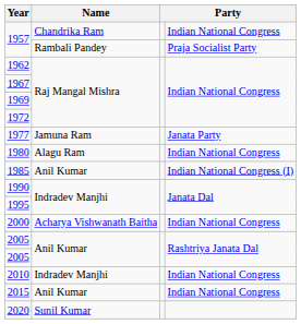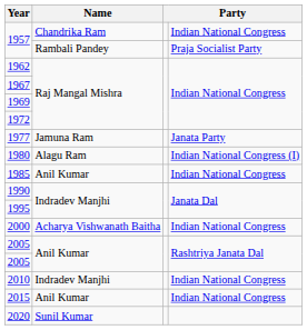 <table class="wikitable">
 <tr>
 <th>Year</th>
 <th>Name</th>
 <th colspan="2">Party</th>
 </tr>
 <tr>
 <td rowspan="2"><a href='#'>1957</a></td>
 <td><a href='#'>Chandrika Ram</a></td>
 <td style="background-color: "></td>
 <td><a href='#'>Indian National Congress</a></td>
 </tr>
 <tr>
 <td>Rambali Pandey</td>
 <td style="background-color: "></td>
 <td><a href='#'>Praja Socialist Party</a></td>
 </tr>
 <tr>
 <td><a href='#'>1962</a></td>
 <td rowspan="4">Raj Mangal Mishra</td>
 <td rowspan="4" style="background-color: "></td>
 <td rowspan="4"><a href='#'>Indian National Congress</a></td>
 </tr>
 <tr>
 <td><a href='#'>1967</a></td>
 </tr>
 <tr>
 <td><a href='#'>1969</a></td>
 </tr>
 <tr>
 <td><a href='#'>1972</a></td>
 </tr>
 <tr>
 <td><a href='#'>1977</a></td>
 <td>Jamuna Ram</td>
 <td style="background-color: "></td>
 <td><a href='#'>Janata Party</a></td>
 </tr>
 <tr>
 <td><a href='#'>1980</a></td>
 <td>Alagu Ram</td>
 <td style="background-color: "></td>
-<td><a href='#'>Indian National Congress</a></td>
+<td><a href='#'>Indian National Congress (I)</a></td>
 </tr>
 <tr>
 <td><a href='#'>1985</a></td>
 <td>Anil Kumar</td>
 <td style="background-color: "></td>
-<td><a href='#'>Indian National Congress (I)</a></td>
+<td><a href='#'>Indian National Congress</a></td>
 </tr>
 <tr>
 <td><a href='#'>1990</a></td>
 <td rowspan="2">Indradev Manjhi</td>
 <td rowspan="2" style="background-color: "></td>
 <td rowspan="2"><a href='#'>Janata Dal</a></td>
 </tr>
 <tr>
 <td><a href='#'>1995</a></td>
 </tr>
 <tr>
 <td><a href='#'>2000</a></td>
 <td><a href='#'>Acharya Vishwanath Baitha</a></td>
 <td style="background-color: "></td>
 <td><a href='#'>Indian National Congress</a></td>
 </tr>
 <tr>
 <td><a href='#'>2005</a></td>
 <td rowspan="2">Anil Kumar</td>
 <td rowspan="2" style="background-color: "></td>
 <td rowspan="2"><a href='#'>Rashtriya Janata Dal</a></td>
 </tr>
 <tr>
 <td><a href='#'>2005</a></td>
 </tr>
 <tr>
 <td><a href='#'>2010</a></td>
 <td>Indradev Manjhi</td>
 <td style="background-color: "></td>
 <td><a href='#'>Indian National Congress</a></td>
 </tr>
 <tr>
 <td><a href='#'>2015</a></td>
 <td>Anil Kumar</td>
 <td style="background-color: "></td>
 <td><a href='#'>Indian National Congress</a></td>
 </tr>
 <tr>
 <td><a href='#'>2020</a></td>
 <td><a href='#'>Sunil Kumar</a></td>
 <td></td>
 </tr>
 </table>
